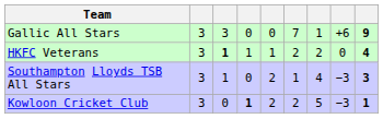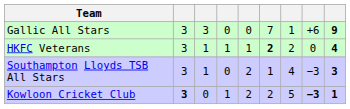 <table class="wikitable" style="text-align:center;">
 <tr>
 <th width=200>Team</th>
 <th width=20></th>
 <th width=20></th>
 <th width=20></th>
 <th width=20></th>
 <th width=20></th>
 <th width=20></th>
 <th width=20></th>
 <th width=20></th>
 </tr>
 <tr bgcolor="#ccffcc">
 <td align="left">Gallic All Stars</td>
 <td>3</td>
 <td>3</td>
 <td>0</td>
 <td>0</td>
 <td>7</td>
 <td>1</td>
 <td>+6</td>
 <td><strong>9</strong></td>
 </tr>
 <tr bgcolor="#ccffcc">
 <td align="left"><a href='#'>HKFC</a> Veterans</td>
 <td>3</td>
-<td><strong>1</strong></td>
 <td>1</td>
 <td>1</td>
-<td>2</td>
+<td>1</td>
+<td><strong>2</strong></td>
 <td>2</td>
 <td>0</td>
 <td><strong>4</strong></td>
 </tr>
 <tr bgcolor="#ccccff">
 <td align="left"><a href='#'>Southampton</a> <a href='#'>Lloyds TSB</a> All Stars</td>
 <td>3</td>
 <td>1</td>
 <td>0</td>
 <td>2</td>
 <td>1</td>
 <td>4</td>
 <td>−3</td>
 <td><strong>3</strong></td>
 </tr>
 <tr bgcolor="#ccccff">
 <td align="left"><a href='#'>Kowloon Cricket Club</a></td>
-<td>3</td>
+<td><strong>3</strong></td>
 <td>0</td>
-<td><strong>1</strong></td>
+<td>1</td>
 <td>2</td>
 <td>2</td>
 <td>5</td>
-<td>−3</td>
+<td><strong>−3</strong></td>
 <td><strong>1</strong></td>
 </tr>
 </table>
